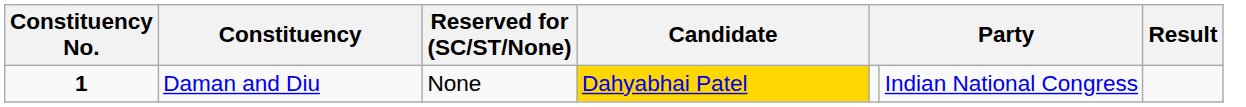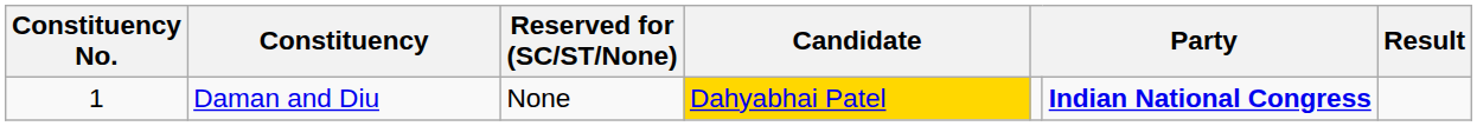 <table class= "wikitable sortable">
 <tr>
 <th>Constituency <br> No.</th>
 <th style="width:180px;">Constituency</th>
 <th>Reserved for<br>(SC/ST/None)</th>
 <th style="width:200px;">Candidate</th>
 <th colspan="2">Party</th>
 <th>Result</th>
 </tr>
 <tr>
-<td align="center"><strong>1</strong></td>
+<td align="center">1</td>
 <td><a href='#'>Daman and Diu</a></td>
 <td>None</td>
 <td style="background: gold;"><a href='#'>Dahyabhai Patel</a></td>
 <td bgcolor=></td>
-<td><a href='#'>Indian National Congress</a></td>
+<td><strong><a href='#'>Indian National Congress</a></strong></td>
 <td></td>
 </tr>
 </table>
